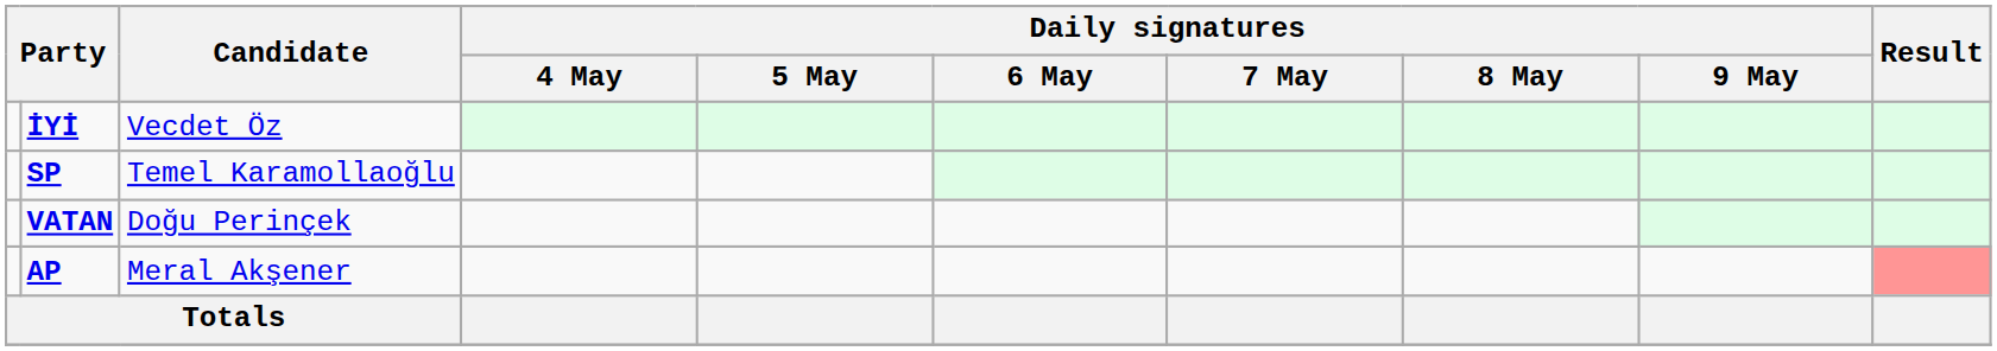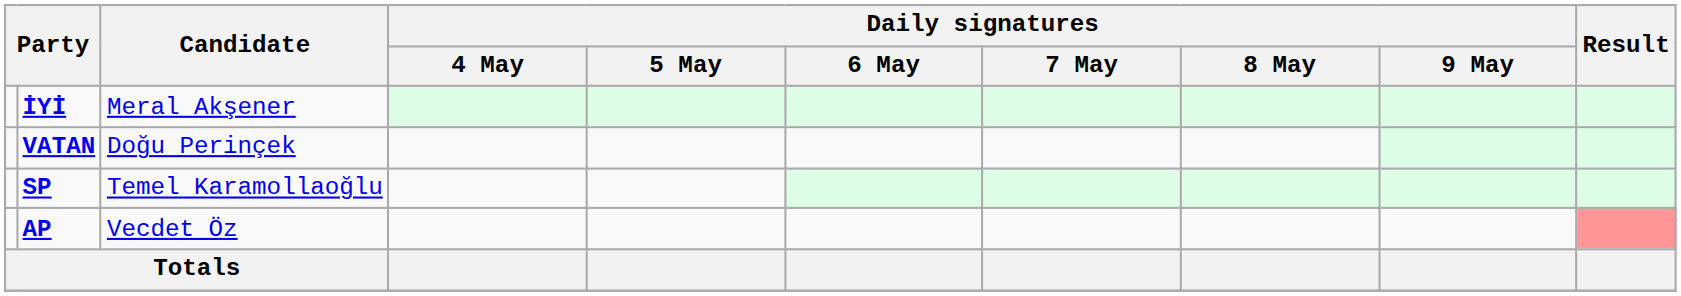 <table class=wikitable style="font-size:90%;">
 <tr>
 <th rowspan="2" colspan="2">Party</th>
 <th rowspan="2">Candidate</th>
 <th colspan="6">Daily signatures</th>
 <th rowspan="2">Result</th>
 </tr>
 <tr>
 <th width="90px">4 May</th>
 <th width="90px">5 May</th>
 <th width="90px">6 May</th>
 <th width="90px">7 May</th>
 <th width="90px">8 May</th>
 <th width="90px">9 May</th>
 </tr>
 <tr>
 <td style="background: "></td>
 <td><strong><a href='#'>İYİ</a></strong></td>
-<td><a href='#'>Vecdet Öz</a></td>
+<td><a href='#'>Meral Akşener</a></td>
 <td style="background: #DEFDE6"></td>
 <td style="background: #DEFDE6"></td>
-<td style="background: #DEFDE6"></td>
-<td style="background: #DEFDE6"></td>
-<td style="background: #DEFDE6"></td>
-<td style="background: #DEFDE6"></td>
-<td style="background: #DEFDE6"></td>
-</tr>
-<tr>
-<td style="background: "></td>
-<td><strong><a href='#'>SP</a></strong></td>
-<td><a href='#'>Temel Karamollaoğlu</a></td>
-<td></td>
-<td></td>
 <td style="background: #DEFDE6"></td>
 <td style="background: #DEFDE6"></td>
 <td style="background: #DEFDE6"></td>
 <td style="background: #DEFDE6"></td>
 <td style="background: #DEFDE6"></td>
 </tr>
 <tr>
 <td style="background: "></td>
 <td><strong><a href='#'>VATAN</a></strong></td>
 <td><a href='#'>Doğu Perinçek</a></td>
 <td></td>
 <td></td>
 <td></td>
 <td></td>
 <td></td>
 <td style="background: #DEFDE6"></td>
 <td style="background: #DEFDE6"></td>
 </tr>
 <tr>
 <td style="background: "></td>
+<td><strong><a href='#'>SP</a></strong></td>
+<td><a href='#'>Temel Karamollaoğlu</a></td>
+<td></td>
+<td></td>
+<td style="background: #DEFDE6"></td>
+<td style="background: #DEFDE6"></td>
+<td style="background: #DEFDE6"></td>
+<td style="background: #DEFDE6"></td>
+<td style="background: #DEFDE6"></td>
+</tr>
+<tr>
+<td style="background: "></td>
 <td><strong><a href='#'>AP</a></strong></td>
-<td><a href='#'>Meral Akşener</a></td>
+<td><a href='#'>Vecdet Öz</a></td>
 <td></td>
 <td></td>
 <td></td>
 <td></td>
 <td></td>
 <td></td>
 <td style="background: #FF9595"></td>
 </tr>
 <tr>
 <th colspan=3>Totals</th>
 <th></th>
 <th></th>
 <th></th>
 <th></th>
 <th></th>
 <th></th>
 <th></th>
 </tr>
 <tr>
 </tr>
 </table>
